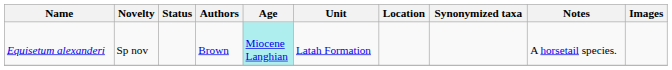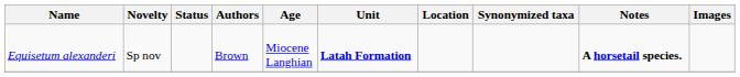 <table class="wikitable sortable" align="center" width="75%">
 <tr>
 <th>Name</th>
 <th>Novelty</th>
 <th>Status</th>
 <th>Authors</th>
 <th>Age</th>
 <th>Unit</th>
 <th>Location</th>
 <th>Synonymized taxa</th>
 <th>Notes</th>
 <th>Images</th>
 </tr>
 <tr>
 <td><br><em><a href='#'>Equisetum alexanderi</a></em></td>
 <td><br>Sp nov</td>
 <td></td>
 <td><br><a href='#'>Brown</a></td>
-<td style="background: paleturquoise;"><br><a href='#'>Miocene</a><br><a href='#'>Langhian</a></td>
-<td><br><a href='#'>Latah Formation</a></td>
+<td><br><a href='#'>Miocene</a><br><a href='#'>Langhian</a></td>
+<td><strong><br><a href='#'>Latah Formation</a></strong></td>
 <td><br><br></td>
 <td></td>
-<td><br>A <a href='#'>horsetail</a> species.</td>
+<td><strong><br>A <a href='#'>horsetail</a> species.</strong></td>
 <td></td>
 </tr>
 <tr>
 </tr>
 </table>
